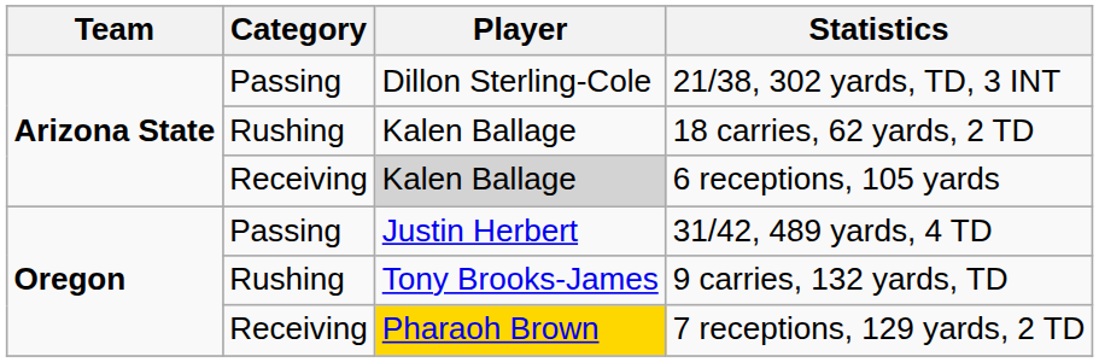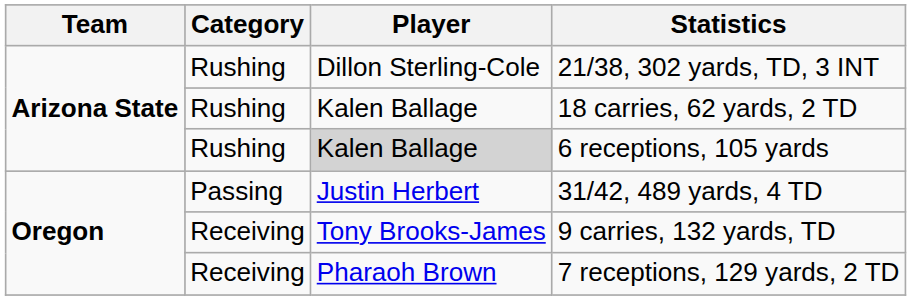 <table class="wikitable" style="float: right;">
 <tr>
 <th>Team</th>
 <th>Category</th>
 <th>Player</th>
 <th>Statistics</th>
 </tr>
 <tr>
 <td rowspan=3><strong>Arizona State</strong></td>
-<td>Passing</td>
+<td>Rushing</td>
 <td>Dillon Sterling-Cole</td>
 <td>21/38, 302 yards, TD, 3 INT</td>
 </tr>
 <tr>
 <td>Rushing</td>
 <td>Kalen Ballage</td>
 <td>18 carries, 62 yards, 2 TD</td>
 </tr>
 <tr>
-<td>Receiving</td>
+<td>Rushing</td>
 <td style="background: lightgrey;">Kalen Ballage</td>
 <td>6 receptions, 105 yards</td>
 </tr>
 <tr>
 <td rowspan=3><strong>Oregon</strong></td>
 <td>Passing</td>
 <td><a href='#'>Justin Herbert</a></td>
 <td>31/42, 489 yards, 4 TD</td>
 </tr>
 <tr>
-<td>Rushing</td>
+<td>Receiving</td>
 <td><a href='#'>Tony Brooks-James</a></td>
 <td>9 carries, 132 yards, TD</td>
 </tr>
 <tr>
 <td>Receiving</td>
-<td style="background: gold;"><a href='#'>Pharaoh Brown</a></td>
+<td><a href='#'>Pharaoh Brown</a></td>
 <td>7 receptions, 129 yards, 2 TD</td>
 </tr>
 </table>
